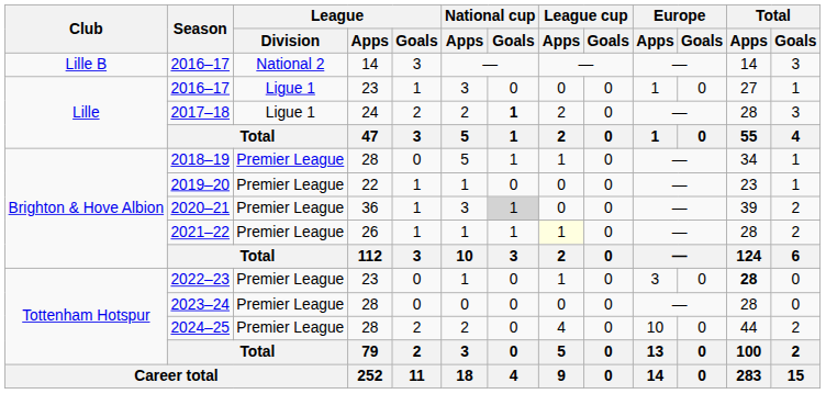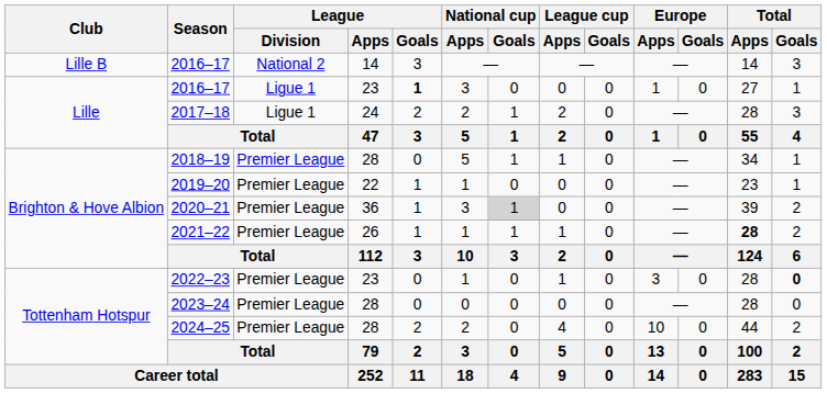 <table class="wikitable" style="text-align:center">
 <tr>
 <th rowspan="2">Club</th>
 <th rowspan="2">Season</th>
 <th colspan="3">League</th>
 <th colspan="2">National cup</th>
 <th colspan="2">League cup</th>
 <th colspan="2">Europe</th>
 <th colspan="2">Total</th>
 </tr>
 <tr>
 <th>Division</th>
 <th>Apps</th>
 <th>Goals</th>
 <th>Apps</th>
 <th>Goals</th>
 <th>Apps</th>
 <th>Goals</th>
 <th>Apps</th>
 <th>Goals</th>
 <th>Apps</th>
 <th>Goals</th>
 </tr>
 <tr>
 <td><a href='#'>Lille B</a></td>
 <td><a href='#'>2016–17</a></td>
 <td><a href='#'>National 2</a></td>
 <td>14</td>
 <td>3</td>
 <td colspan="2">—</td>
 <td colspan="2">—</td>
 <td colspan="2">—</td>
 <td>14</td>
 <td>3</td>
 </tr>
 <tr>
 <td rowspan="3"><a href='#'>Lille</a></td>
 <td><a href='#'>2016–17</a></td>
 <td><a href='#'>Ligue 1</a></td>
 <td>23</td>
-<td>1</td>
+<td><strong>1</strong></td>
 <td>3</td>
 <td>0</td>
 <td>0</td>
 <td>0</td>
 <td>1</td>
 <td>0</td>
 <td>27</td>
 <td>1</td>
 </tr>
 <tr>
 <td><a href='#'>2017–18</a></td>
 <td>Ligue 1</td>
 <td>24</td>
 <td>2</td>
 <td>2</td>
-<td><strong>1</strong></td>
+<td>1</td>
 <td>2</td>
 <td>0</td>
 <td colspan="2">—</td>
 <td>28</td>
 <td>3</td>
 </tr>
 <tr>
 <th colspan="2">Total</th>
 <th>47</th>
 <th>3</th>
 <th>5</th>
 <th>1</th>
 <th>2</th>
 <th>0</th>
 <th>1</th>
 <th>0</th>
 <th>55</th>
 <th>4</th>
 </tr>
 <tr>
 <td rowspan="5"><a href='#'>Brighton & Hove Albion</a></td>
 <td><a href='#'>2018–19</a></td>
 <td><a href='#'>Premier League</a></td>
 <td>28</td>
 <td>0</td>
 <td>5</td>
 <td>1</td>
 <td>1</td>
 <td>0</td>
 <td colspan="2">—</td>
 <td>34</td>
 <td>1</td>
 </tr>
 <tr>
 <td><a href='#'>2019–20</a></td>
 <td>Premier League</td>
 <td>22</td>
 <td>1</td>
 <td>1</td>
 <td>0</td>
 <td>0</td>
 <td>0</td>
 <td colspan="2">—</td>
 <td>23</td>
 <td>1</td>
 </tr>
 <tr>
 <td><a href='#'>2020–21</a></td>
 <td>Premier League</td>
 <td>36</td>
 <td>1</td>
 <td>3</td>
 <td style="background: lightgrey;">1</td>
 <td>0</td>
 <td>0</td>
 <td colspan="2">—</td>
 <td>39</td>
 <td>2</td>
 </tr>
 <tr>
 <td><a href='#'>2021–22</a></td>
 <td>Premier League</td>
 <td>26</td>
 <td>1</td>
 <td>1</td>
 <td>1</td>
-<td style="background: lightyellow;">1</td>
+<td>1</td>
 <td>0</td>
 <td colspan="2">—</td>
-<td>28</td>
+<td><strong>28</strong></td>
 <td>2</td>
 </tr>
 <tr>
 <th colspan="2">Total</th>
 <th>112</th>
 <th>3</th>
 <th>10</th>
 <th>3</th>
 <th>2</th>
 <th>0</th>
 <th colspan="2">—</th>
 <th>124</th>
 <th>6</th>
 </tr>
 <tr>
 <td rowspan="4"><a href='#'>Tottenham Hotspur</a></td>
 <td><a href='#'>2022–23</a></td>
 <td>Premier League</td>
 <td>23</td>
 <td>0</td>
 <td>1</td>
 <td>0</td>
 <td>1</td>
 <td>0</td>
 <td>3</td>
 <td>0</td>
-<td><strong>28</strong></td>
-<td>0</td>
+<td>28</td>
+<td><strong>0</strong></td>
 </tr>
 <tr>
 <td><a href='#'>2023–24</a></td>
 <td>Premier League</td>
 <td>28</td>
 <td>0</td>
 <td>0</td>
 <td>0</td>
 <td>0</td>
 <td>0</td>
 <td colspan="2">—</td>
 <td>28</td>
 <td>0</td>
 </tr>
 <tr>
 <td><a href='#'>2024–25</a></td>
 <td>Premier League</td>
 <td>28</td>
 <td>2</td>
 <td>2</td>
 <td>0</td>
 <td>4</td>
 <td>0</td>
 <td>10</td>
 <td>0</td>
 <td>44</td>
 <td>2</td>
 </tr>
 <tr>
 <th colspan="2">Total</th>
 <th>79</th>
 <th>2</th>
 <th>3</th>
 <th>0</th>
 <th>5</th>
 <th>0</th>
 <th>13</th>
 <th>0</th>
 <th>100</th>
 <th>2</th>
 </tr>
 <tr>
 <th colspan="3">Career total</th>
 <th>252</th>
 <th>11</th>
 <th>18</th>
 <th>4</th>
 <th>9</th>
 <th>0</th>
 <th>14</th>
 <th>0</th>
 <th>283</th>
 <th>15</th>
 </tr>
 </table>
